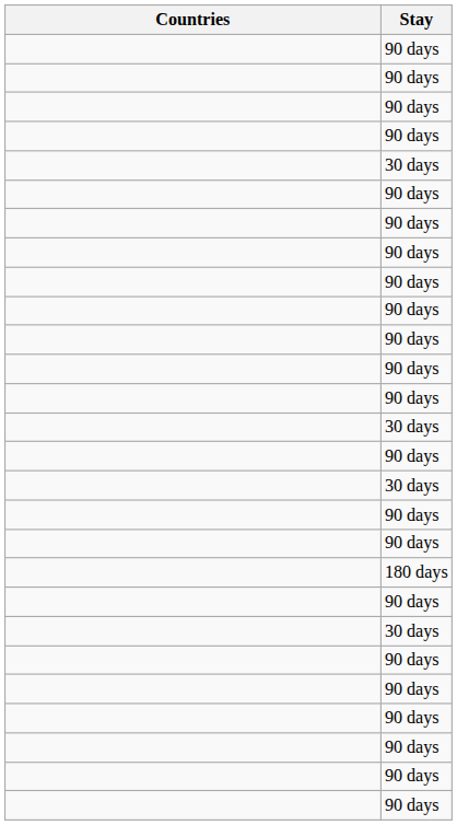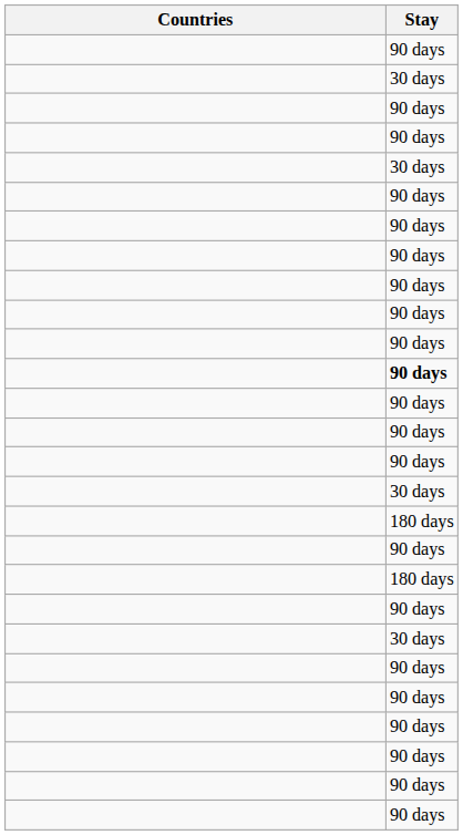 <table class="wikitable" style="font-size:90%">
 <tr>
 <th style="width:300px;">Countries</th>
 <th>Stay</th>
 </tr>
 <tr>
 <td></td>
 <td>90 days</td>
 </tr>
 <tr>
 <td></td>
-<td>90 days</td>
+<td>30 days</td>
 </tr>
 <tr>
 <td></td>
 <td>90 days</td>
 </tr>
 <tr>
 <td></td>
 <td>90 days</td>
 </tr>
 <tr>
 <td></td>
 <td>30 days</td>
 </tr>
 <tr>
 <td></td>
 <td>90 days</td>
 </tr>
 <tr>
 <td></td>
 <td>90 days</td>
 </tr>
 <tr>
 <td></td>
 <td>90 days</td>
 </tr>
 <tr>
 <td></td>
 <td>90 days</td>
 </tr>
 <tr>
 <td></td>
 <td>90 days</td>
 </tr>
 <tr>
 <td></td>
 <td>90 days</td>
 </tr>
 <tr>
 <td></td>
+<td><strong>90 days</strong></td>
+</tr>
+<tr>
+<td></td>
+<td>90 days</td>
+</tr>
+<tr>
+<td></td>
 <td>90 days</td>
 </tr>
 <tr>
 <td></td>
 <td>90 days</td>
 </tr>
 <tr>
 <td></td>
 <td>30 days</td>
 </tr>
 <tr>
 <td></td>
-<td>90 days</td>
-</tr>
-<tr>
-<td></td>
-<td>30 days</td>
-</tr>
-<tr>
-<td></td>
-<td>90 days</td>
+<td>180 days</td>
 </tr>
 <tr>
 <td></td>
 <td>90 days</td>
 </tr>
 <tr>
 <td></td>
 <td>180 days</td>
 </tr>
 <tr>
 <td></td>
 <td>90 days</td>
 </tr>
 <tr>
 <td></td>
 <td>30 days</td>
 </tr>
 <tr>
 <td></td>
 <td>90 days</td>
 </tr>
 <tr>
 <td></td>
 <td>90 days</td>
 </tr>
 <tr>
 <td></td>
 <td>90 days</td>
 </tr>
 <tr>
 <td></td>
 <td>90 days</td>
 </tr>
 <tr>
 <td></td>
 <td>90 days</td>
 </tr>
 <tr>
 <td></td>
 <td>90 days</td>
 </tr>
 </table>
